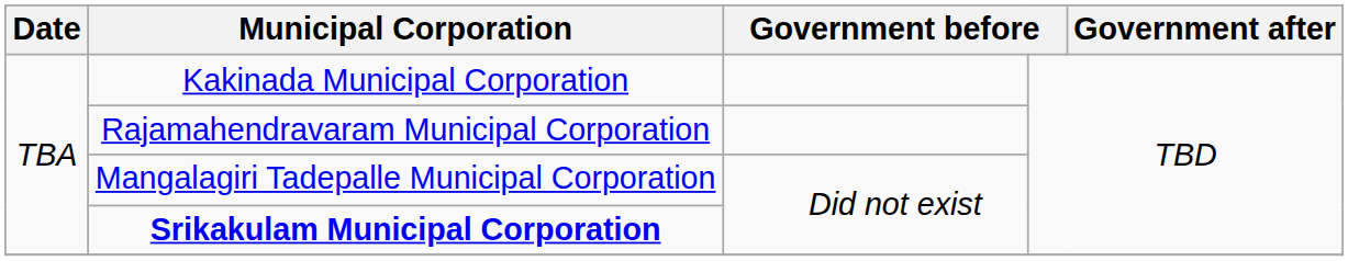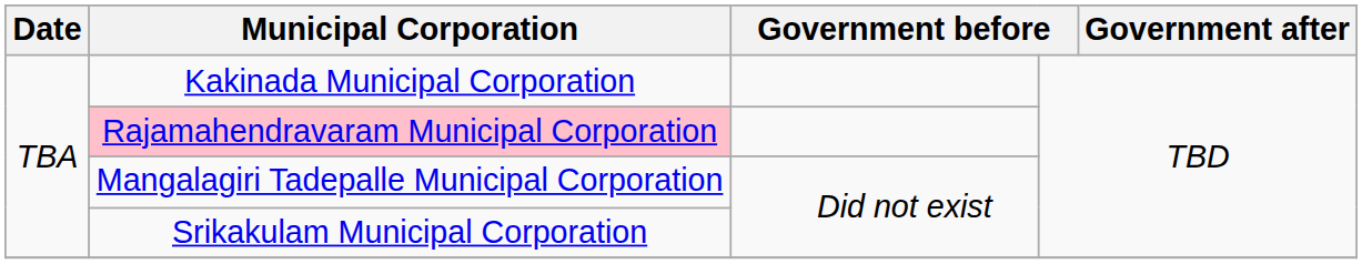 <table class="wikitable sortable" style="text-align:center;">
 <tr>
 <th>Date</th>
 <th>Municipal Corporation</th>
 <th colspan=2>Government before</th>
 <th colspan=2>Government after</th>
 </tr>
 <tr>
 <td rowspan=4><em>TBA</em></td>
 <td><a href='#'>Kakinada Municipal Corporation</a></td>
 <td></td>
 <td colspan=2 rowspan=4><em>TBD</em></td>
 </tr>
 <tr>
-<td><a href='#'>Rajamahendravaram Municipal Corporation</a></td>
+<td style="background: pink;"><a href='#'>Rajamahendravaram Municipal Corporation</a></td>
 </tr>
 <tr>
 <td><a href='#'>Mangalagiri Tadepalle Municipal Corporation</a></td>
 <td style="text-align:center;" colspan=2 rowspan=2><em>Did not exist</em></td>
 </tr>
 <tr>
-<td><strong><a href='#'>Srikakulam Municipal Corporation</a></strong></td>
+<td><a href='#'>Srikakulam Municipal Corporation</a></td>
 </tr>
 <tr>
 </tr>
 </table>
